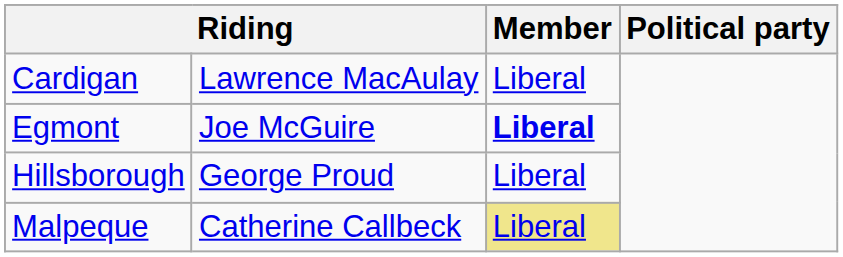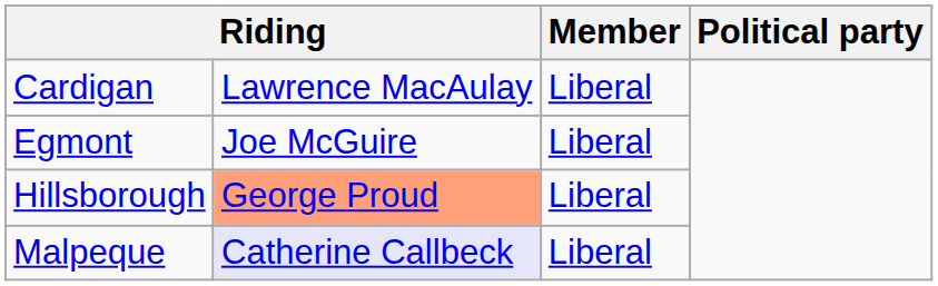 <table class=wikitable>
 <tr>
 <th colspan="2">Riding</th>
 <th>Member</th>
 <th>Political party</th>
 </tr>
 <tr>
 <td><a href='#'>Cardigan</a></td>
 <td><a href='#'>Lawrence MacAulay</a></td>
 <td><a href='#'>Liberal</a></td>
 </tr>
 <tr>
 <td><a href='#'>Egmont</a></td>
 <td><a href='#'>Joe McGuire</a></td>
-<td><strong><a href='#'>Liberal</a></strong></td>
+<td><a href='#'>Liberal</a></td>
 </tr>
 <tr>
 <td><a href='#'>Hillsborough</a></td>
-<td><a href='#'>George Proud</a></td>
+<td style="background: lightsalmon;"><a href='#'>George Proud</a></td>
 <td><a href='#'>Liberal</a></td>
 </tr>
 <tr>
 <td><a href='#'>Malpeque</a></td>
-<td><a href='#'>Catherine Callbeck</a></td>
-<td style="background: khaki;"><a href='#'>Liberal</a></td>
+<td style="background: lavender;"><a href='#'>Catherine Callbeck</a></td>
+<td><a href='#'>Liberal</a></td>
 </tr>
 </table>
